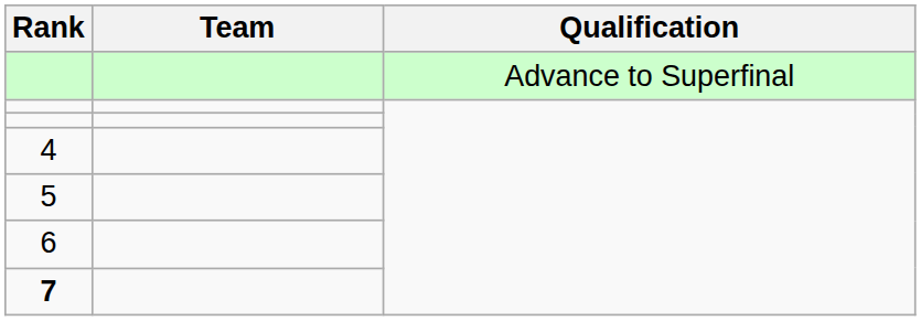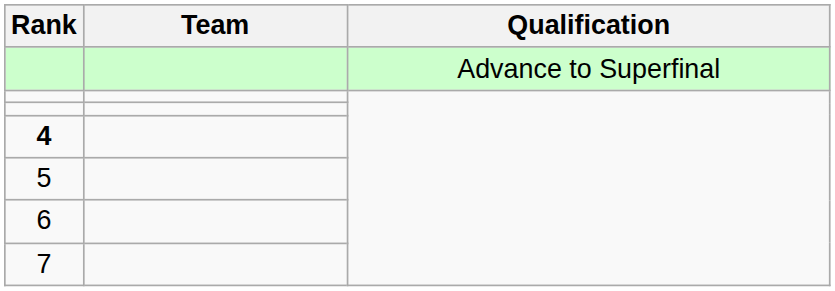 <table class="wikitable" style="text-align: center; font-size: 100%;">
 <tr>
 <th>Rank</th>
 <th width=150>Team</th>
 <th width=280>Qualification</th>
 </tr>
 <tr bgcolor="#ccffcc">
 <td></td>
 <td align=left><strong></strong></td>
 <td>Advance to Superfinal</td>
 </tr>
 <tr>
 <td></td>
 <td align=left><strong></strong></td>
 <td rowspan=6></td>
 </tr>
 <tr>
 <td></td>
 <td align=left><strong></strong></td>
 </tr>
 <tr>
-<td>4</td>
+<td><strong>4</strong></td>
 <td align=left></td>
 </tr>
 <tr>
 <td>5</td>
 <td align=left></td>
 </tr>
 <tr>
 <td>6</td>
 <td align=left></td>
 </tr>
 <tr>
-<td><strong>7</strong></td>
+<td>7</td>
 <td align=left></td>
 </tr>
 </table>
